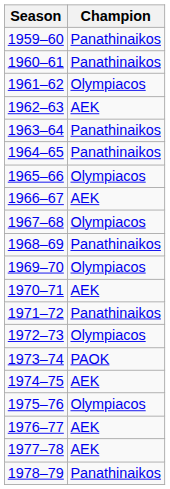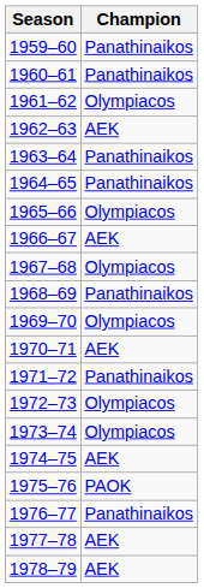 <table class="wikitable sortable" style="display:inline-table">
 <tr>
 <th>Season</th>
 <th>Champion</th>
 </tr>
 <tr>
 <td><a href='#'>1959–60</a></td>
 <td> <a href='#'>Panathinaikos</a></td>
 </tr>
 <tr>
 <td><a href='#'>1960–61</a></td>
 <td> <a href='#'>Panathinaikos</a></td>
 </tr>
 <tr>
 <td><a href='#'>1961–62</a></td>
 <td> <a href='#'>Olympiacos</a></td>
 </tr>
 <tr>
 <td><a href='#'>1962–63</a></td>
 <td> <a href='#'>AEK</a></td>
 </tr>
 <tr>
 <td><a href='#'>1963–64</a></td>
 <td> <a href='#'>Panathinaikos</a></td>
 </tr>
 <tr>
 <td><a href='#'>1964–65</a></td>
 <td> <a href='#'>Panathinaikos</a></td>
 </tr>
 <tr>
 <td><a href='#'>1965–66</a></td>
 <td> <a href='#'>Olympiacos</a></td>
 </tr>
 <tr>
 <td><a href='#'>1966–67</a></td>
 <td> <a href='#'>AEK</a></td>
 </tr>
 <tr>
 <td><a href='#'>1967–68</a></td>
 <td> <a href='#'>Olympiacos</a></td>
 </tr>
 <tr>
 <td><a href='#'>1968–69</a></td>
 <td> <a href='#'>Panathinaikos</a></td>
 </tr>
 <tr>
 <td><a href='#'>1969–70</a></td>
 <td> <a href='#'>Olympiacos</a></td>
 </tr>
 <tr>
 <td><a href='#'>1970–71</a></td>
 <td> <a href='#'>AEK</a></td>
 </tr>
 <tr>
 <td><a href='#'>1971–72</a></td>
 <td> <a href='#'>Panathinaikos</a></td>
 </tr>
 <tr>
 <td><a href='#'>1972–73</a></td>
 <td> <a href='#'>Olympiacos</a></td>
 </tr>
 <tr>
 <td><a href='#'>1973–74</a></td>
-<td> <a href='#'>PAOK</a></td>
+<td> <a href='#'>Olympiacos</a></td>
 </tr>
 <tr>
 <td><a href='#'>1974–75</a></td>
 <td> <a href='#'>AEK</a></td>
 </tr>
 <tr>
 <td><a href='#'>1975–76</a></td>
-<td> <a href='#'>Olympiacos</a></td>
+<td> <a href='#'>PAOK</a></td>
 </tr>
 <tr>
 <td><a href='#'>1976–77</a></td>
-<td> <a href='#'>AEK</a></td>
+<td> <a href='#'>Panathinaikos</a></td>
 </tr>
 <tr>
 <td><a href='#'>1977–78</a></td>
 <td> <a href='#'>AEK</a></td>
 </tr>
 <tr>
 <td><a href='#'>1978–79</a></td>
-<td> <a href='#'>Panathinaikos</a></td>
+<td> <a href='#'>AEK</a></td>
 </tr>
 </table>
